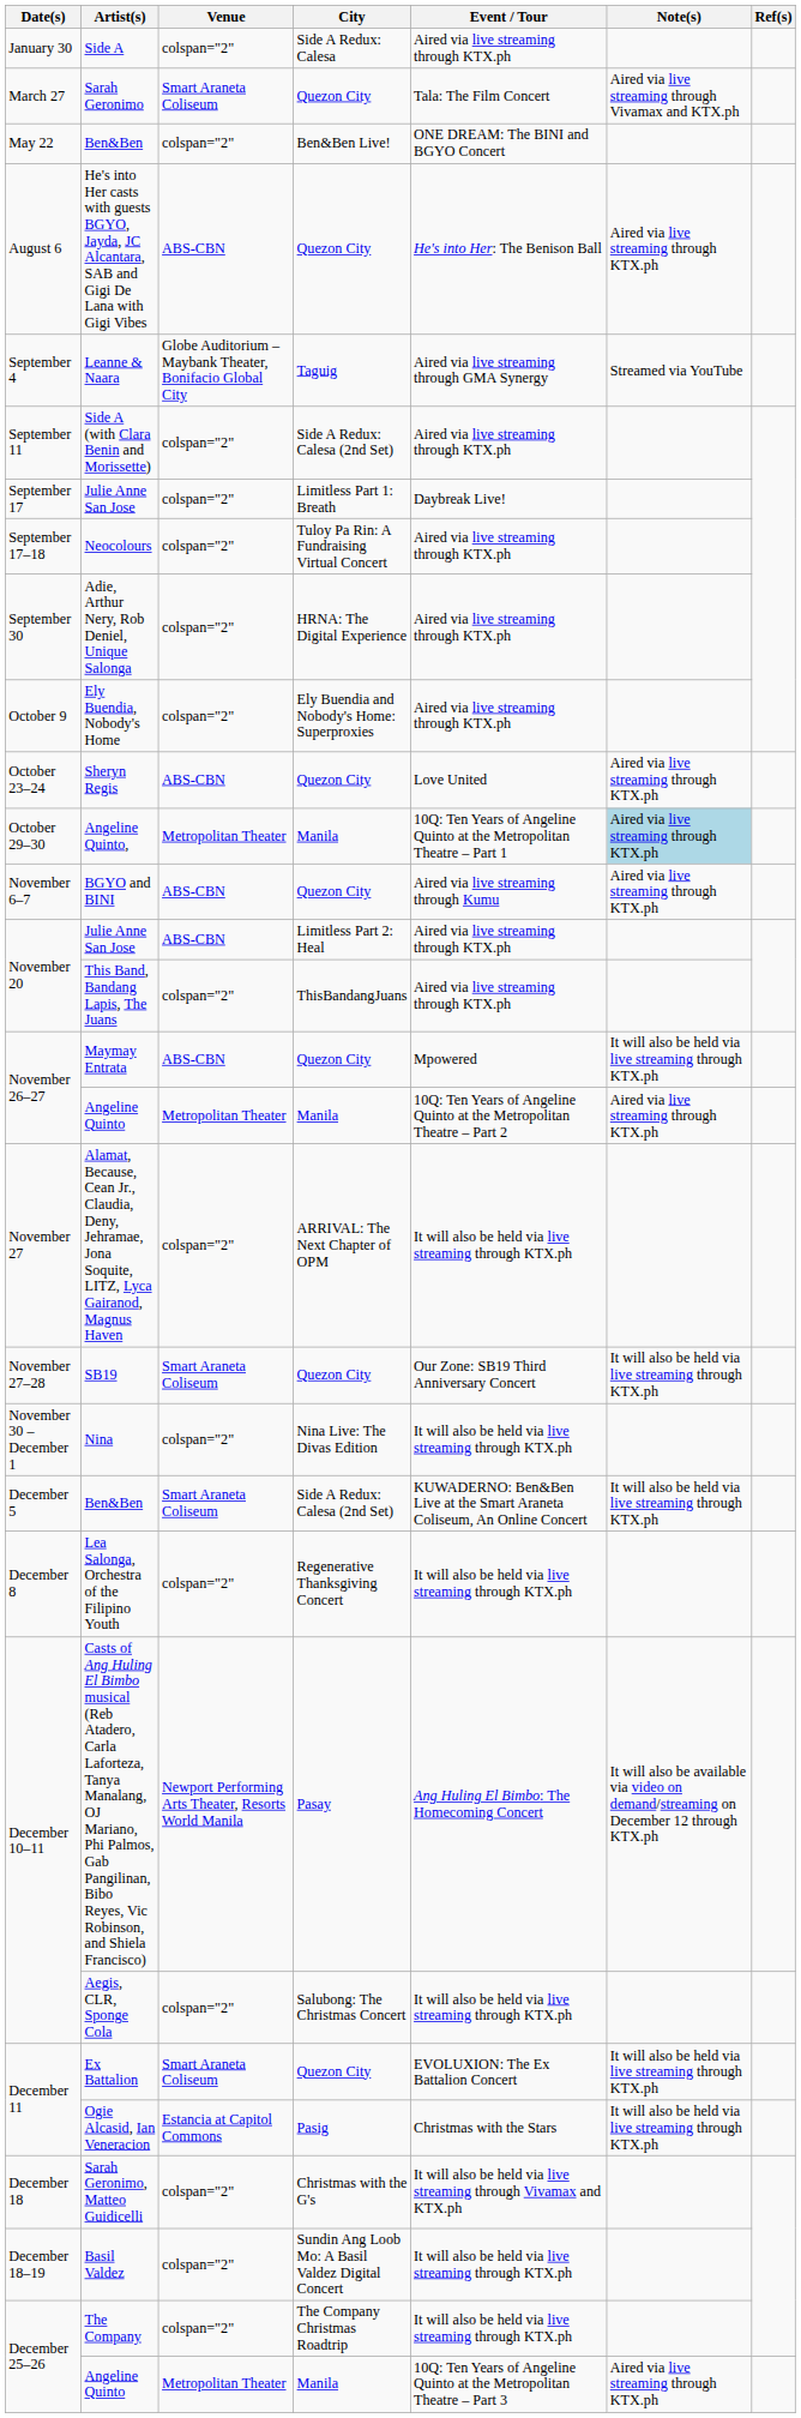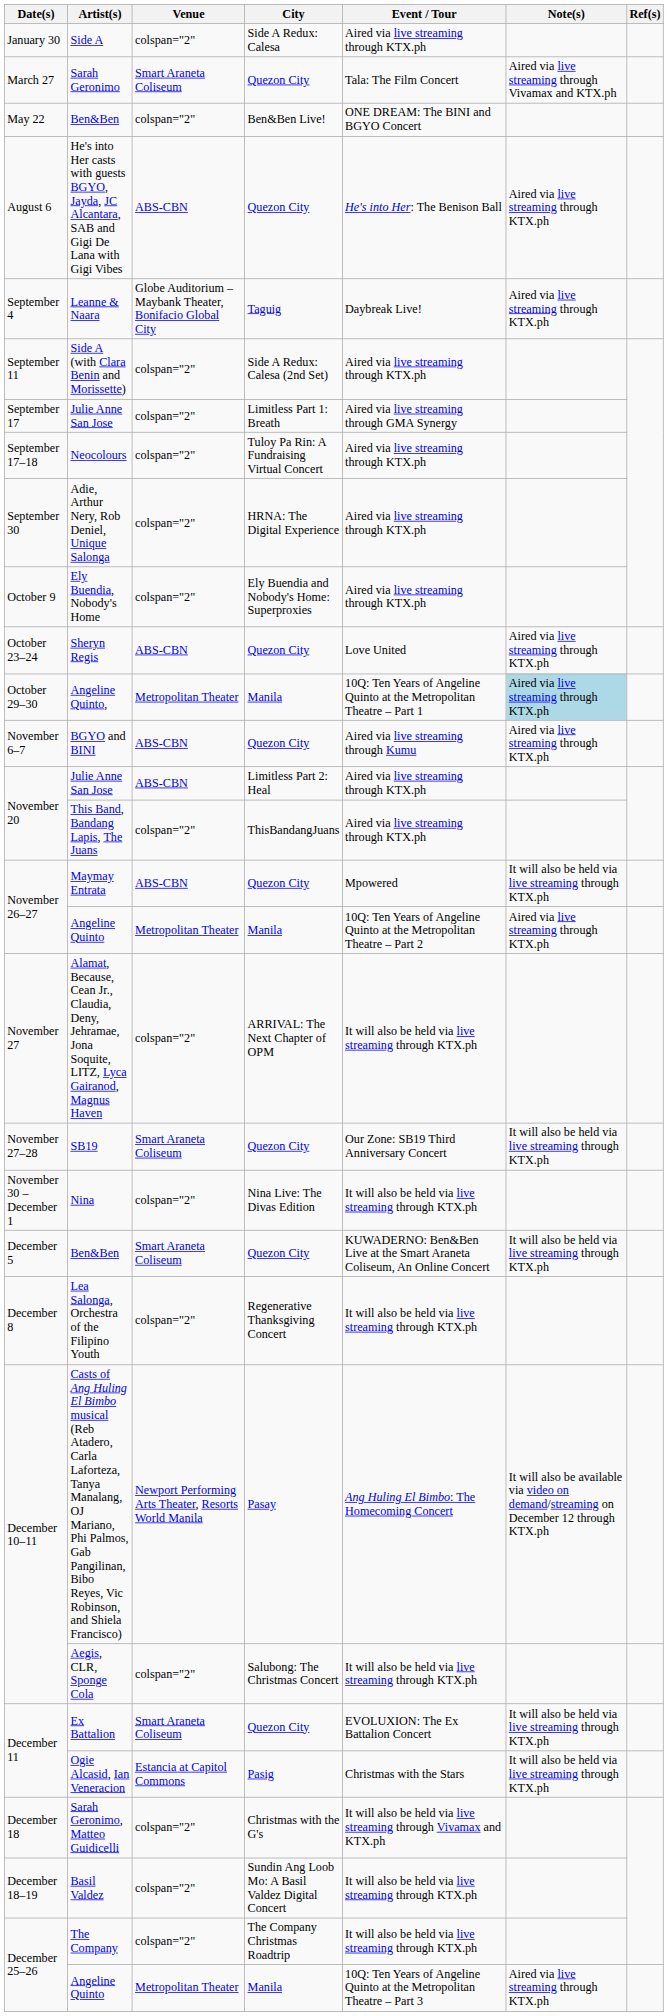 <table class="wikitable sortable" style="font-size: 100%; width=100%;" style="text-align:center;">
 <tr>
 <th class="unsortable" style="width: 10%;" scope="col">Date(s)</th>
 <th style="width: 10%;" scope="col">Artist(s)</th>
 <th style="width: 20%;" scope="col">Venue</th>
 <th style="width: 10%;" scope="col">City</th>
 <th style="width: 30%;" scope="col">Event / Tour</th>
 <th style="width: 30%;" scope="col">Note(s)</th>
 <th style="width: 1%;" scope="col">Ref(s)</th>
 </tr>
 <tr>
 <td>January 30</td>
 <td><a href='#'>Side A</a></td>
 <td>colspan="2" </td>
 <td>Side A Redux: Calesa</td>
 <td>Aired via <a href='#'>live streaming</a> through KTX.ph</td>
 <td></td>
 </tr>
 <tr>
 <td>March 27</td>
 <td><a href='#'>Sarah Geronimo</a></td>
 <td><a href='#'>Smart Araneta Coliseum</a></td>
 <td><a href='#'>Quezon City</a></td>
 <td>Tala: The Film Concert</td>
 <td>Aired via <a href='#'>live streaming</a> through Vivamax and KTX.ph</td>
 <td></td>
 </tr>
 <tr>
 <td>May 22</td>
 <td><a href='#'>Ben&Ben</a></td>
 <td>colspan="2" </td>
 <td>Ben&Ben Live!</td>
 <td>ONE DREAM: The BINI and BGYO Concert</td>
 <td></td>
 </tr>
 <tr>
 <td>August 6</td>
 <td>He's into Her casts with guests <a href='#'>BGYO</a>, <a href='#'>Jayda</a>, <a href='#'>JC Alcantara</a>, SAB and Gigi De Lana with Gigi Vibes</td>
 <td><a href='#'>ABS-CBN</a></td>
 <td><a href='#'>Quezon City</a></td>
 <td><em><a href='#'>He's into Her</a></em>: The Benison Ball</td>
 <td>Aired via <a href='#'>live streaming</a> through KTX.ph</td>
 <td></td>
 </tr>
 <tr>
 <td>September 4</td>
 <td><a href='#'>Leanne & Naara</a></td>
 <td>Globe Auditorium – Maybank Theater, <a href='#'>Bonifacio Global City</a></td>
 <td><a href='#'>Taguig</a></td>
-<td>Aired via <a href='#'>live streaming</a> through GMA Synergy</td>
-<td>Streamed via YouTube</td>
+<td>Daybreak Live!</td>
+<td>Aired via <a href='#'>live streaming</a> through KTX.ph</td>
 <td></td>
 </tr>
 <tr>
 <td>September 11</td>
 <td><a href='#'>Side A</a><br>(with <a href='#'>Clara Benin</a> and <a href='#'>Morissette</a>)</td>
 <td>colspan="2" </td>
 <td>Side A Redux: Calesa (2nd Set)</td>
 <td>Aired via <a href='#'>live streaming</a> through KTX.ph</td>
 <td></td>
 </tr>
 <tr>
 <td>September 17</td>
 <td><a href='#'>Julie Anne San Jose</a></td>
 <td>colspan="2" </td>
 <td>Limitless Part 1: Breath</td>
-<td>Daybreak Live!</td>
+<td>Aired via <a href='#'>live streaming</a> through GMA Synergy</td>
 <td></td>
 </tr>
 <tr>
 <td>September 17–18</td>
 <td><a href='#'>Neocolours</a></td>
 <td>colspan="2" </td>
 <td>Tuloy Pa Rin: A Fundraising Virtual Concert</td>
 <td>Aired via <a href='#'>live streaming</a> through KTX.ph</td>
 <td></td>
 </tr>
 <tr>
 <td>September 30</td>
 <td>Adie, Arthur Nery, Rob Deniel, <a href='#'>Unique Salonga</a></td>
 <td>colspan="2" </td>
 <td>HRNA: The Digital Experience</td>
 <td>Aired via <a href='#'>live streaming</a> through KTX.ph</td>
 <td></td>
 </tr>
 <tr>
 <td>October 9</td>
 <td><a href='#'>Ely Buendia</a>, Nobody's Home</td>
 <td>colspan="2" </td>
 <td>Ely Buendia and Nobody's Home: Superproxies</td>
 <td>Aired via <a href='#'>live streaming</a> through KTX.ph</td>
 <td></td>
 </tr>
 <tr>
 <td>October 23–24</td>
 <td><a href='#'>Sheryn Regis</a></td>
 <td><a href='#'>ABS-CBN</a></td>
 <td><a href='#'>Quezon City</a></td>
 <td>Love United</td>
 <td>Aired via <a href='#'>live streaming</a> through KTX.ph</td>
 <td></td>
 </tr>
 <tr>
 <td>October 29–30</td>
 <td><a href='#'>Angeline Quinto</a>, </td>
 <td><a href='#'>Metropolitan Theater</a></td>
 <td><a href='#'>Manila</a></td>
 <td>10Q: Ten Years of Angeline Quinto at the Metropolitan Theatre – Part 1</td>
 <td style="background: lightblue;">Aired via <a href='#'>live streaming</a> through KTX.ph</td>
 <td></td>
 </tr>
 <tr>
 <td>November 6–7</td>
 <td><a href='#'>BGYO</a> and <a href='#'>BINI</a> <br></td>
 <td><a href='#'>ABS-CBN</a></td>
 <td><a href='#'>Quezon City</a></td>
 <td>Aired via <a href='#'>live streaming</a> through <a href='#'>Kumu</a></td>
 <td>Aired via <a href='#'>live streaming</a> through KTX.ph</td>
 <td></td>
 </tr>
 <tr>
 <td rowspan="2">November 20</td>
 <td><a href='#'>Julie Anne San Jose</a></td>
 <td><a href='#'>ABS-CBN</a></td>
 <td>Limitless Part 2: Heal</td>
 <td>Aired via <a href='#'>live streaming</a> through KTX.ph</td>
 <td></td>
 </tr>
 <tr>
 <td><a href='#'>This Band</a>, <a href='#'>Bandang Lapis</a>, <a href='#'>The Juans</a></td>
 <td>colspan="2" </td>
 <td>ThisBandangJuans</td>
 <td>Aired via <a href='#'>live streaming</a> through KTX.ph</td>
 <td></td>
 </tr>
 <tr>
 <td rowspan="2">November 26–27</td>
 <td><a href='#'>Maymay Entrata</a></td>
 <td><a href='#'>ABS-CBN</a></td>
 <td><a href='#'>Quezon City</a></td>
 <td>Mpowered</td>
 <td>It will also be held via <a href='#'>live streaming</a> through KTX.ph</td>
 <td></td>
 </tr>
 <tr>
 <td><a href='#'>Angeline Quinto</a> </td>
 <td><a href='#'>Metropolitan Theater</a></td>
 <td><a href='#'>Manila</a></td>
 <td>10Q: Ten Years of Angeline Quinto at the Metropolitan Theatre – Part 2</td>
 <td>Aired via <a href='#'>live streaming</a> through KTX.ph</td>
 <td></td>
 </tr>
 <tr>
 <td>November 27</td>
 <td><a href='#'>Alamat</a>, Because, Cean Jr., Claudia, Deny, Jehramae, Jona Soquite, LITZ, <a href='#'>Lyca Gairanod</a>, <a href='#'>Magnus Haven</a></td>
 <td>colspan="2" </td>
 <td>ARRIVAL: The Next Chapter of OPM</td>
 <td>It will also be held via <a href='#'>live streaming</a> through KTX.ph</td>
 <td></td>
 </tr>
 <tr>
 <td>November 27–28</td>
 <td><a href='#'>SB19</a></td>
 <td><a href='#'>Smart Araneta Coliseum</a></td>
 <td><a href='#'>Quezon City</a></td>
 <td>Our Zone: SB19 Third Anniversary Concert</td>
 <td>It will also be held via <a href='#'>live streaming</a> through KTX.ph</td>
 <td></td>
 </tr>
 <tr>
 <td>November 30 – December 1</td>
 <td><a href='#'>Nina</a></td>
 <td>colspan="2" </td>
 <td>Nina Live: The Divas Edition</td>
 <td>It will also be held via <a href='#'>live streaming</a> through KTX.ph</td>
 <td></td>
 </tr>
 <tr>
 <td>December 5</td>
 <td><a href='#'>Ben&Ben</a></td>
 <td><a href='#'>Smart Araneta Coliseum</a></td>
-<td>Side A Redux: Calesa (2nd Set)</td>
+<td><a href='#'>Quezon City</a></td>
 <td>KUWADERNO: Ben&Ben Live at the Smart Araneta Coliseum, An Online Concert</td>
 <td>It will also be held via <a href='#'>live streaming</a> through KTX.ph</td>
 <td></td>
 </tr>
 <tr>
 <td>December 8</td>
 <td><a href='#'>Lea Salonga</a>, Orchestra of the Filipino Youth</td>
 <td>colspan="2" </td>
 <td>Regenerative Thanksgiving Concert</td>
 <td>It will also be held via <a href='#'>live streaming</a> through KTX.ph</td>
 <td></td>
 </tr>
 <tr>
 <td rowspan="2">December 10–11</td>
 <td><a href='#'>Casts of <em>Ang Huling El Bimbo</em> musical</a> (Reb Atadero, Carla Laforteza, Tanya Manalang, OJ Mariano, Phi Palmos, Gab Pangilinan, Bibo Reyes, Vic Robinson, and Shiela Francisco)<br></td>
 <td><a href='#'>Newport Performing Arts Theater</a>, <a href='#'>Resorts World Manila</a></td>
 <td><a href='#'>Pasay</a></td>
 <td><a href='#'><em>Ang Huling El Bimbo</em>: The Homecoming Concert</a></td>
 <td>It will also be available via <a href='#'>video on demand</a>/<a href='#'>streaming</a> on December 12 through KTX.ph</td>
 <td></td>
 </tr>
 <tr>
 <td><a href='#'>Aegis</a>, CLR, <a href='#'>Sponge Cola</a></td>
 <td>colspan="2" </td>
 <td>Salubong: The Christmas Concert</td>
 <td>It will also be held via <a href='#'>live streaming</a> through KTX.ph</td>
 <td></td>
 </tr>
 <tr>
 <td rowspan="2">December 11</td>
 <td><a href='#'>Ex Battalion</a></td>
 <td><a href='#'>Smart Araneta Coliseum</a></td>
 <td><a href='#'>Quezon City</a></td>
 <td>EVOLUXION: The Ex Battalion Concert</td>
 <td>It will also be held via <a href='#'>live streaming</a> through KTX.ph</td>
 <td></td>
 </tr>
 <tr>
 <td><a href='#'>Ogie Alcasid</a>, <a href='#'>Ian Veneracion</a></td>
 <td><a href='#'>Estancia at Capitol Commons</a></td>
 <td><a href='#'>Pasig</a></td>
 <td>Christmas with the Stars</td>
 <td>It will also be held via <a href='#'>live streaming</a> through KTX.ph</td>
 <td></td>
 </tr>
 <tr>
 <td>December 18</td>
 <td><a href='#'>Sarah Geronimo</a>, <a href='#'>Matteo Guidicelli</a></td>
 <td>colspan="2" </td>
 <td>Christmas with the G's</td>
 <td>It will also be held via <a href='#'>live streaming</a> through <a href='#'>Vivamax</a> and KTX.ph</td>
 <td></td>
 </tr>
 <tr>
 <td>December 18–19</td>
 <td><a href='#'>Basil Valdez</a></td>
 <td>colspan="2" </td>
 <td>Sundin Ang Loob Mo: A Basil Valdez Digital Concert</td>
 <td>It will also be held via <a href='#'>live streaming</a> through KTX.ph</td>
 <td></td>
 </tr>
 <tr>
 <td rowspan="2">December 25–26</td>
 <td><a href='#'>The Company</a></td>
 <td>colspan="2" </td>
 <td>The Company Christmas Roadtrip</td>
 <td>It will also be held via <a href='#'>live streaming</a> through KTX.ph</td>
 <td></td>
 </tr>
 <tr>
 <td><a href='#'>Angeline Quinto</a> </td>
 <td><a href='#'>Metropolitan Theater</a></td>
 <td><a href='#'>Manila</a></td>
 <td>10Q: Ten Years of Angeline Quinto at the Metropolitan Theatre – Part 3</td>
 <td>Aired via <a href='#'>live streaming</a> through KTX.ph</td>
 <td></td>
 </tr>
 </table>
